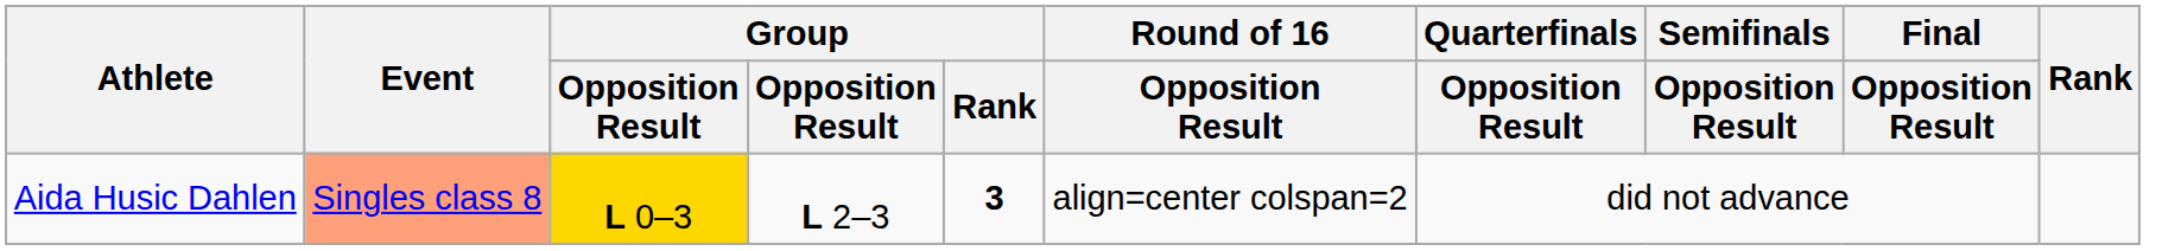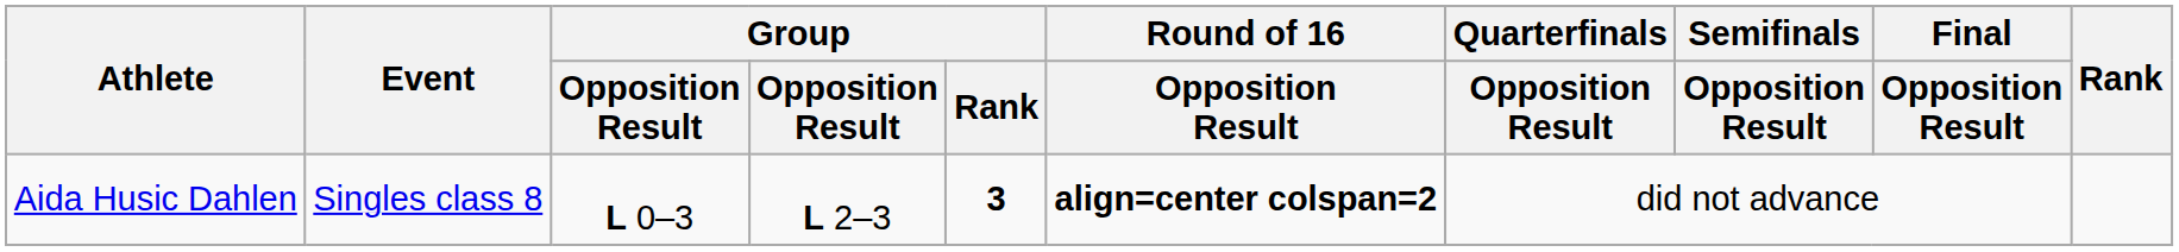 <table class="wikitable" style="font-size:90%">
 <tr>
 <th rowspan="2">Athlete</th>
 <th rowspan="2">Event</th>
 <th colspan="3">Group</th>
 <th>Round of 16</th>
 <th>Quarterfinals</th>
 <th>Semifinals</th>
 <th>Final</th>
 <th rowspan="2">Rank</th>
 </tr>
 <tr>
 <th>Opposition<br>Result</th>
 <th>Opposition<br>Result</th>
 <th>Rank</th>
 <th>Opposition<br>Result</th>
 <th>Opposition<br>Result</th>
 <th>Opposition<br>Result</th>
 <th>Opposition<br>Result</th>
 </tr>
 <tr>
 <td><a href='#'>Aida Husic Dahlen</a></td>
-<td style="background: lightsalmon;"><a href='#'>Singles class 8</a></td>
-<td align=center style="background: gold;"><br><strong>L</strong> 0–3</td>
+<td><a href='#'>Singles class 8</a></td>
+<td align=center><br><strong>L</strong> 0–3</td>
 <td align=center><br><strong>L</strong> 2–3</td>
 <td align=center><strong>3</strong></td>
-<td>align=center colspan=2 </td>
+<td><strong>align=center colspan=2 </strong></td>
 <td align=center colspan=3>did not advance</td>
 </tr>
 </table>
